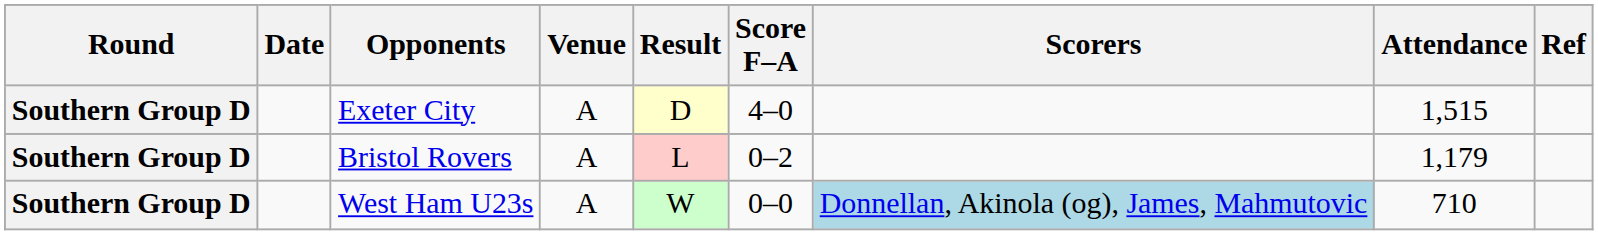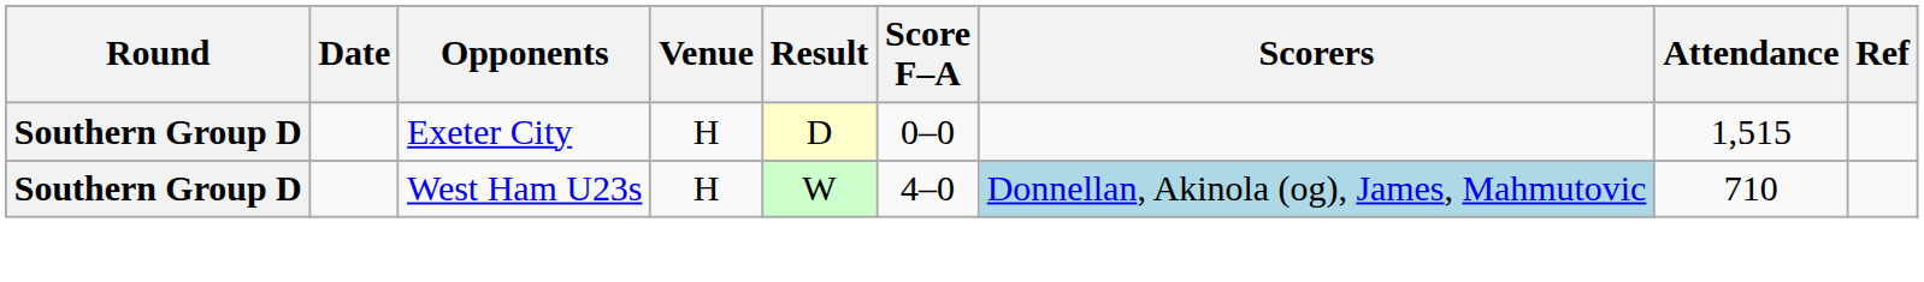 <table class="wikitable plainrowheaders sortable" style="text-align:center">
 <tr>
 <th scope="col">Round</th>
 <th scope="col">Date</th>
 <th scope="col">Opponents</th>
 <th scope="col">Venue</th>
 <th scope="col">Result</th>
 <th scope="col">Score<br>F–A</th>
 <th scope="col" class="unsortable">Scorers</th>
 <th scope="col">Attendance</th>
 <th scope="col" class="unsortable">Ref</th>
 </tr>
 <tr>
 <th scope="row">Southern Group D</th>
 <td align="left"></td>
 <td align="left"><a href='#'>Exeter City</a></td>
-<td>A</td>
+<td>H</td>
 <td style="background-color:#FFFFCC">D</td>
-<td>4–0</td>
+<td>0–0</td>
 <td align="left"></td>
 <td>1,515</td>
 <td></td>
 </tr>
 <tr>
 <th scope="row">Southern Group D</th>
 <td align="left"></td>
-<td align="left"><a href='#'>Bristol Rovers</a></td>
-<td>A</td>
-<td style="background-color:#FFCCCC">L</td>
-<td>0–2</td>
-<td align="left"></td>
-<td>1,179</td>
-<td></td>
-</tr>
-<tr>
-<th scope="row">Southern Group D</th>
-<td align="left"></td>
 <td align="left"><a href='#'>West Ham U23s</a></td>
-<td>A</td>
+<td>H</td>
 <td style="background-color:#CCFFCC">W</td>
-<td>0–0</td>
+<td>4–0</td>
 <td align="left" style="background: lightblue;"><a href='#'>Donnellan</a>, Akinola (og), <a href='#'>James</a>, <a href='#'>Mahmutovic</a></td>
 <td>710</td>
 <td></td>
 </tr>
 </table>
